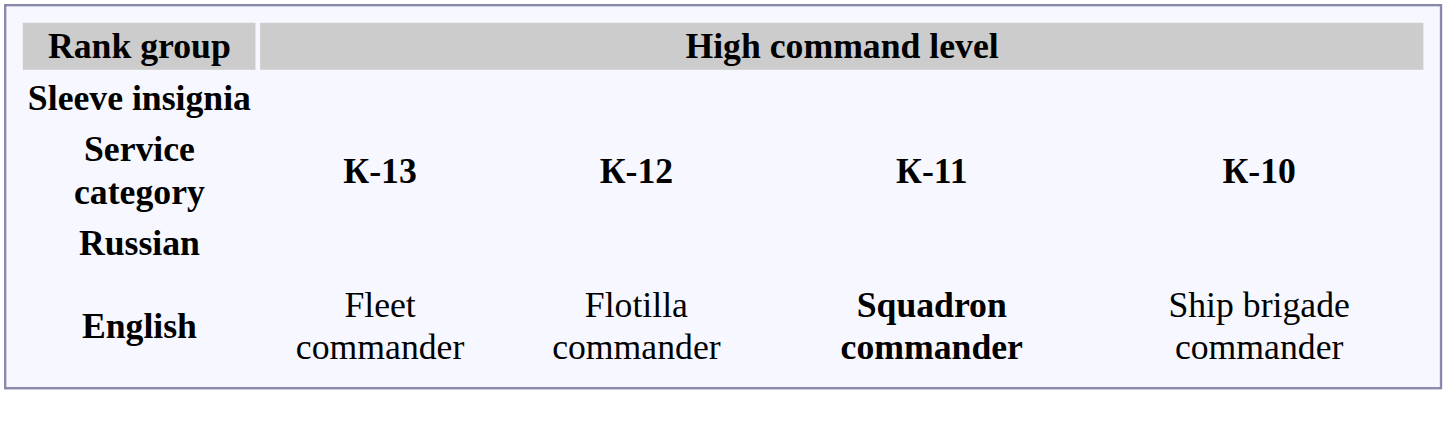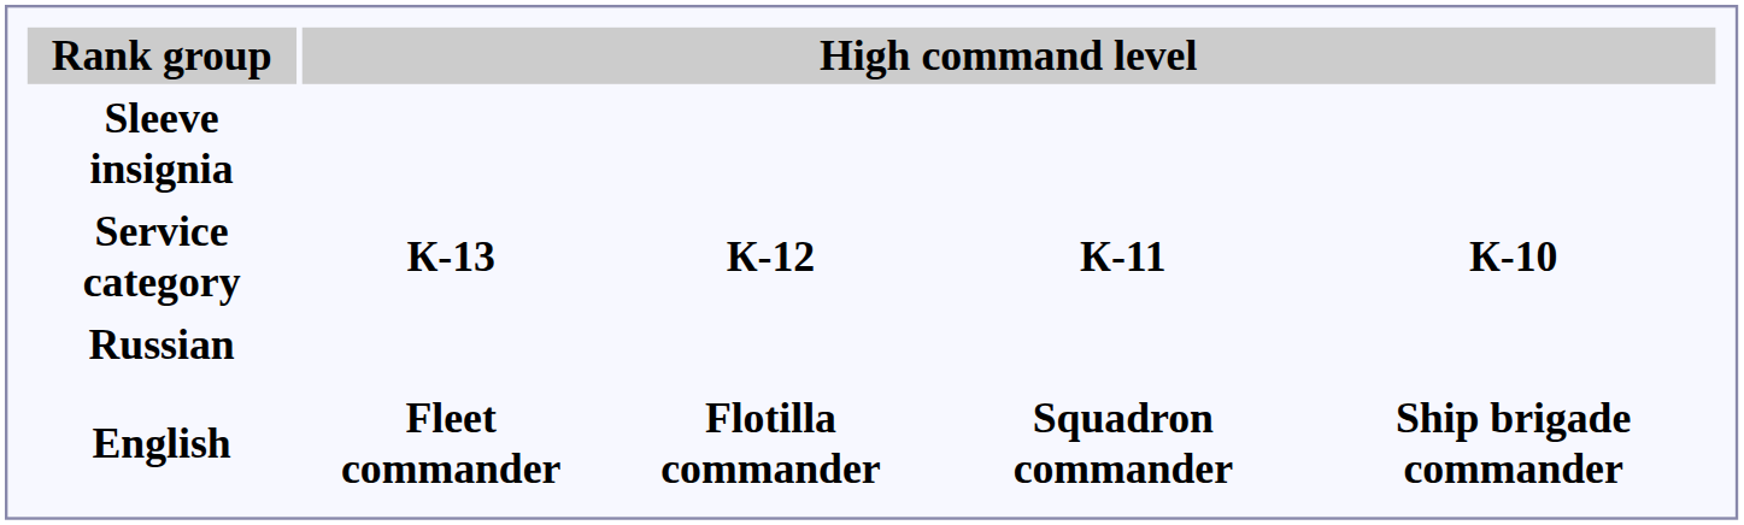 <table style="border:1px solid #8888aa; background-color:#f7f8ff; padding:5px; font-size:95%; margin: 0px 12px 12px 0px;">
 <tr bgcolor="#CCCCCC">
 <th>Rank group</th>
 <th colspan="5">High command level</th>
 </tr>
 <tr style="text-align:center;">
 <th>Sleeve insignia</th>
 <td></td>
 <td></td>
 <td></td>
 <td></td>
 </tr>
 <tr style="text-align:center;">
 <th>Service category</th>
 <td><strong>К-13</strong></td>
 <td><strong>К-12</strong></td>
 <td><strong>К-11</strong></td>
 <td><strong>К-10</strong></td>
 </tr>
 <tr style="text-align:center;">
 <th>Russian</th>
 <td><br></td>
 <td><br></td>
 <td><br></td>
 <td><br></td>
 </tr>
 <tr style="text-align:center;">
 <td colspan=5></td>
 </tr>
 <tr style="text-align:center;">
 <th>English</th>
-<td>Fleet commander</td>
-<td>Flotilla commander</td>
+<td><strong>Fleet commander</strong></td>
+<td><strong>Flotilla commander</strong></td>
 <td><strong>Squadron commander</strong></td>
-<td>Ship brigade commander</td>
+<td><strong>Ship brigade commander</strong></td>
 </tr>
 </table>
